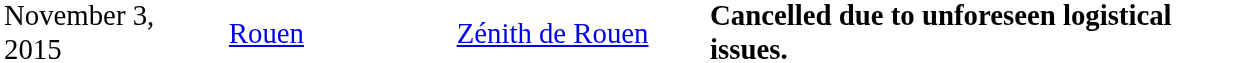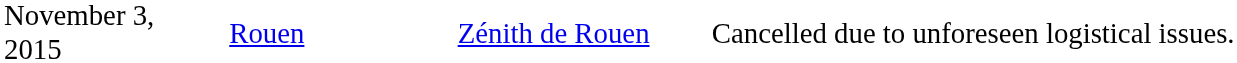 <table cellpadding="2" style="border: 0px solid darkgray; font-size:90%">
 <tr>
 <th width="150"></th>
 <th width="175"></th>
 <th width="200"></th>
 <th width="450"></th>
 </tr>
 <tr border="0">
 <td>November 3, 2015</td>
 <td><a href='#'>Rouen</a></td>
 <td><a href='#'>Zénith de Rouen</a></td>
-<td><strong>Cancelled due to unforeseen logistical issues.</strong></td>
+<td>Cancelled due to unforeseen logistical issues.</td>
 </tr>
 <tr>
 </tr>
 </table>
